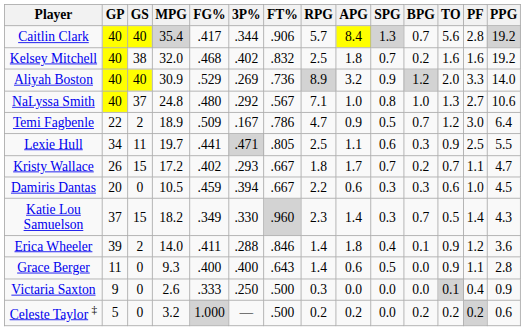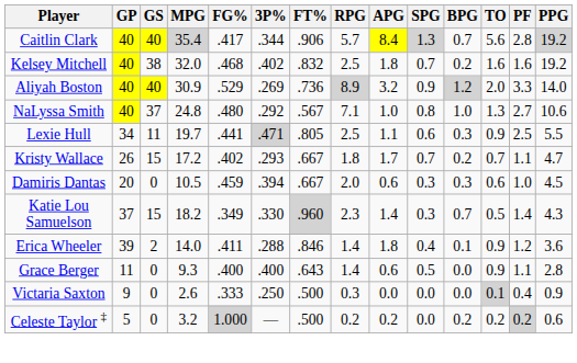 <table class="wikitable sortable" style="text-align:center;">
 <tr>
 <th>Player</th>
 <th>GP</th>
 <th>GS</th>
 <th>MPG</th>
 <th>FG%</th>
 <th>3P%</th>
 <th>FT%</th>
 <th>RPG</th>
 <th>APG</th>
 <th>SPG</th>
 <th>BPG</th>
 <th>TO</th>
 <th>PF</th>
 <th>PPG</th>
 </tr>
 <tr>
 <td><a href='#'>Caitlin Clark</a></td>
 <td style="background:yellow;">40</td>
 <td style="background:yellow;">40</td>
 <td style="background:#D3D3D3;">35.4</td>
 <td>.417</td>
 <td>.344</td>
 <td>.906</td>
 <td>5.7</td>
 <td style="background:yellow;">8.4</td>
 <td style="background:#D3D3D3;">1.3</td>
 <td>0.7</td>
 <td>5.6</td>
 <td>2.8</td>
 <td style="background:#D3D3D3;">19.2</td>
 </tr>
 <tr>
 <td><a href='#'>Kelsey Mitchell</a></td>
 <td style="background:yellow;">40</td>
 <td>38</td>
 <td>32.0</td>
 <td>.468</td>
 <td>.402</td>
 <td>.832</td>
 <td>2.5</td>
 <td>1.8</td>
 <td>0.7</td>
 <td>0.2</td>
 <td>1.6</td>
 <td>1.6</td>
 <td>19.2</td>
 </tr>
 <tr>
 <td><a href='#'>Aliyah Boston</a></td>
 <td style="background:yellow;">40</td>
 <td style="background:yellow;">40</td>
 <td>30.9</td>
 <td>.529</td>
 <td>.269</td>
 <td>.736</td>
 <td style="background:#D3D3D3;">8.9</td>
 <td>3.2</td>
 <td>0.9</td>
 <td style="background:#D3D3D3;">1.2</td>
 <td>2.0</td>
 <td>3.3</td>
 <td>14.0</td>
 </tr>
 <tr>
 <td><a href='#'>NaLyssa Smith</a></td>
 <td style="background:yellow;">40</td>
 <td>37</td>
 <td>24.8</td>
 <td>.480</td>
 <td>.292</td>
 <td>.567</td>
 <td>7.1</td>
 <td>1.0</td>
 <td>0.8</td>
 <td>1.0</td>
 <td>1.3</td>
 <td>2.7</td>
 <td>10.6</td>
 </tr>
 <tr>
-<td><a href='#'>Temi Fagbenle</a></td>
-<td>22</td>
-<td>2</td>
-<td>18.9</td>
-<td>.509</td>
-<td>.167</td>
-<td>.786</td>
-<td>4.7</td>
-<td>0.9</td>
-<td>0.5</td>
-<td>0.7</td>
-<td>1.2</td>
-<td>3.0</td>
-<td>6.4</td>
-</tr>
-<tr>
 <td><a href='#'>Lexie Hull</a></td>
 <td>34</td>
 <td>11</td>
 <td>19.7</td>
 <td>.441</td>
 <td style="background:#D3D3D3;">.471</td>
 <td>.805</td>
 <td>2.5</td>
 <td>1.1</td>
 <td>0.6</td>
 <td>0.3</td>
 <td>0.9</td>
 <td>2.5</td>
 <td>5.5</td>
 </tr>
 <tr>
 <td><a href='#'>Kristy Wallace</a></td>
 <td>26</td>
 <td>15</td>
 <td>17.2</td>
 <td>.402</td>
 <td>.293</td>
 <td>.667</td>
 <td>1.8</td>
 <td>1.7</td>
 <td>0.7</td>
 <td>0.2</td>
 <td>0.7</td>
 <td>1.1</td>
 <td>4.7</td>
 </tr>
 <tr>
 <td><a href='#'>Damiris Dantas</a></td>
 <td>20</td>
 <td>0</td>
 <td>10.5</td>
 <td>.459</td>
 <td>.394</td>
 <td>.667</td>
-<td>2.2</td>
+<td>2.0</td>
 <td>0.6</td>
 <td>0.3</td>
 <td>0.3</td>
 <td>0.6</td>
 <td>1.0</td>
 <td>4.5</td>
 </tr>
 <tr>
 <td><a href='#'>Katie Lou Samuelson</a></td>
 <td>37</td>
 <td>15</td>
 <td>18.2</td>
 <td>.349</td>
 <td>.330</td>
 <td style="background:#D3D3D3;">.960</td>
 <td>2.3</td>
 <td>1.4</td>
 <td>0.3</td>
 <td>0.7</td>
 <td>0.5</td>
 <td>1.4</td>
 <td>4.3</td>
 </tr>
 <tr>
 <td><a href='#'>Erica Wheeler</a></td>
 <td>39</td>
 <td>2</td>
 <td>14.0</td>
 <td>.411</td>
 <td>.288</td>
 <td>.846</td>
 <td>1.4</td>
 <td>1.8</td>
 <td>0.4</td>
 <td>0.1</td>
 <td>0.9</td>
 <td>1.2</td>
 <td>3.6</td>
 </tr>
 <tr>
 <td><a href='#'>Grace Berger</a></td>
 <td>11</td>
 <td>0</td>
 <td>9.3</td>
 <td>.400</td>
 <td>.400</td>
 <td>.643</td>
 <td>1.4</td>
 <td>0.6</td>
 <td>0.5</td>
 <td>0.0</td>
 <td>0.9</td>
 <td>1.1</td>
 <td>2.8</td>
 </tr>
 <tr>
 <td><a href='#'>Victaria Saxton</a></td>
 <td>9</td>
 <td>0</td>
 <td>2.6</td>
 <td>.333</td>
 <td>.250</td>
 <td>.500</td>
 <td>0.3</td>
 <td>0.0</td>
 <td>0.0</td>
 <td>0.0</td>
 <td style="background:#D3D3D3;">0.1</td>
 <td>0.4</td>
 <td>0.9</td>
 </tr>
 <tr>
 <td><a href='#'>Celeste Taylor</a> <sup>‡</sup></td>
 <td>5</td>
 <td>0</td>
 <td>3.2</td>
 <td style="background:#D3D3D3;">1.000</td>
 <td>—</td>
 <td>.500</td>
 <td>0.2</td>
 <td>0.2</td>
 <td>0.0</td>
 <td>0.2</td>
 <td>0.2</td>
 <td style="background:#D3D3D3;">0.2</td>
 <td>0.6</td>
 </tr>
 </table>
